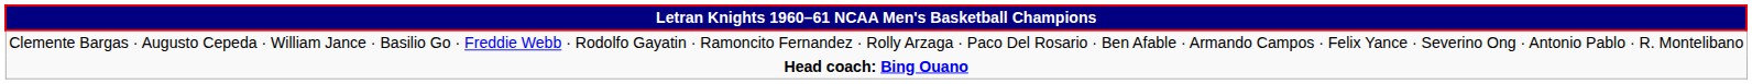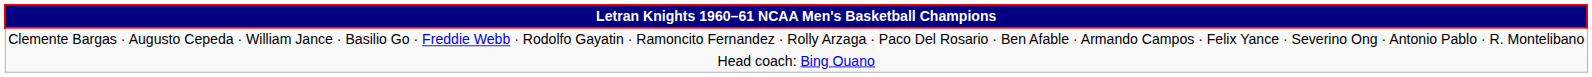 <table class="wikitable" style="text-align: center">
 <tr>
 <th style = "background:#020080; border:2px solid red; color:white">Letran Knights 1960–61 NCAA Men's Basketball Champions</th>
 </tr>
 <tr>
 <td style="border-style: none none none none;">Clemente Bargas · Augusto Cepeda · William Jance · Basilio Go · <a href='#'>Freddie Webb</a> · Rodolfo Gayatin · Ramoncito Fernandez · Rolly Arzaga · Paco Del Rosario · Ben Afable · Armando Campos · Felix Yance · Severino Ong · Antonio Pablo · R. Montelibano</td>
 </tr>
 <tr>
-<td style="border-style: none none none none;"><strong>Head coach: <a href='#'>Bing Ouano</a></strong></td>
+<td style="border-style: none none none none;">Head coach: <a href='#'>Bing Ouano</a></td>
 </tr>
 </table>
